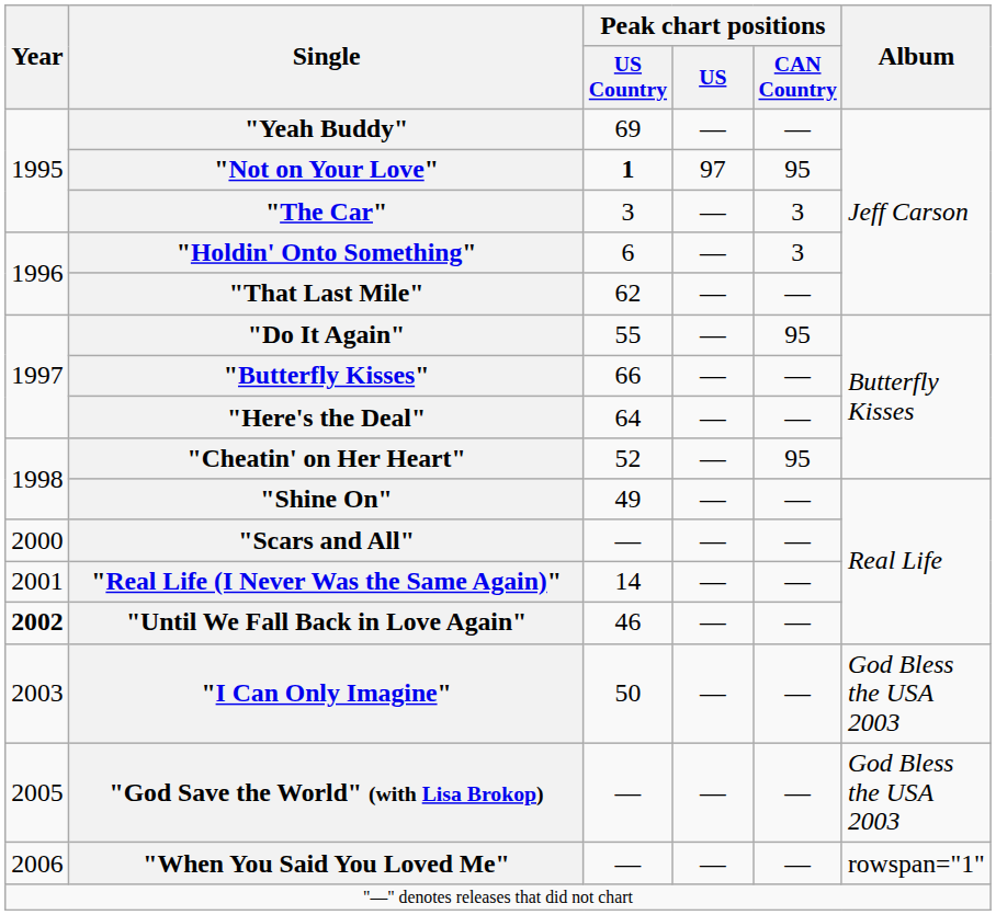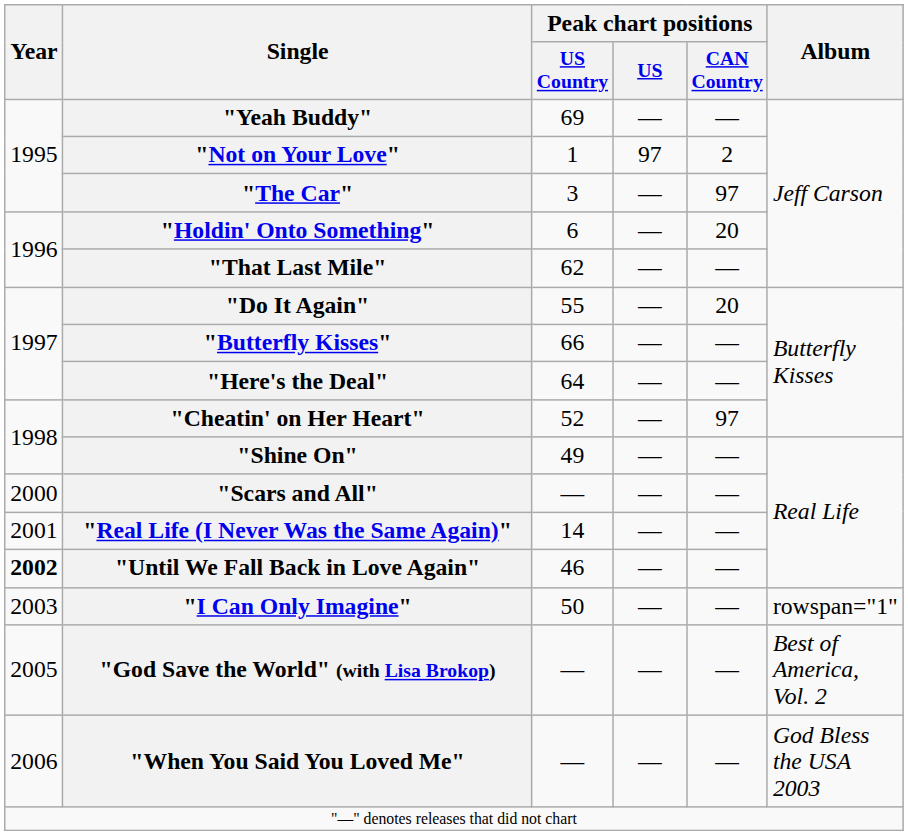 <table class="wikitable plainrowheaders" style="text-align:center;">
 <tr>
 <th rowspan="2">Year</th>
 <th rowspan="2" style="width:20em;">Single</th>
 <th colspan="3">Peak chart positions</th>
 <th rowspan="2">Album</th>
 </tr>
 <tr style="font-size:smaller;">
 <th width="45"><a href='#'>US Country</a></th>
 <th width="45"><a href='#'>US</a></th>
 <th width="45"><a href='#'>CAN Country</a></th>
 </tr>
 <tr>
 <td rowspan="3">1995</td>
 <th scope="row">"Yeah Buddy"</th>
 <td>69</td>
 <td>—</td>
 <td>—</td>
 <td align="left" rowspan="5"><em>Jeff Carson</em></td>
 </tr>
 <tr>
 <th scope="row">"<a href='#'>Not on Your Love</a>"</th>
-<td><strong>1</strong></td>
+<td>1</td>
 <td>97</td>
-<td>95</td>
+<td>2</td>
 </tr>
 <tr>
 <th scope="row">"<a href='#'>The Car</a>"</th>
 <td>3</td>
 <td>—</td>
-<td>3</td>
+<td>97</td>
 </tr>
 <tr>
 <td rowspan="2">1996</td>
 <th scope="row">"<a href='#'>Holdin' Onto Something</a>"</th>
 <td>6</td>
 <td>—</td>
-<td>3</td>
+<td>20</td>
 </tr>
 <tr>
 <th scope="row">"That Last Mile"</th>
 <td>62</td>
 <td>—</td>
 <td>—</td>
 </tr>
 <tr>
 <td rowspan="3">1997</td>
 <th scope="row">"Do It Again"</th>
 <td>55</td>
 <td>—</td>
-<td>95</td>
+<td>20</td>
 <td align="left" rowspan="4"><em>Butterfly Kisses</em></td>
 </tr>
 <tr>
 <th scope="row">"<a href='#'>Butterfly Kisses</a>"</th>
 <td>66</td>
 <td>—</td>
 <td>—</td>
 </tr>
 <tr>
 <th scope="row">"Here's the Deal"</th>
 <td>64</td>
 <td>—</td>
 <td>—</td>
 </tr>
 <tr>
 <td rowspan="2">1998</td>
 <th scope="row">"Cheatin' on Her Heart"</th>
 <td>52</td>
 <td>—</td>
-<td>95</td>
+<td>97</td>
 </tr>
 <tr>
 <th scope="row">"Shine On"</th>
 <td>49</td>
 <td>—</td>
 <td>—</td>
 <td align="left" rowspan=4><em>Real Life</em></td>
 </tr>
 <tr>
 <td>2000</td>
 <th scope="row">"Scars and All"</th>
 <td>—</td>
 <td>—</td>
 <td>—</td>
 </tr>
 <tr>
 <td>2001</td>
 <th scope="row">"<a href='#'>Real Life (I Never Was the Same Again)</a>"</th>
 <td>14</td>
 <td>—</td>
 <td>—</td>
 </tr>
 <tr>
 <td><strong>2002</strong></td>
 <th scope="row">"Until We Fall Back in Love Again"</th>
 <td>46</td>
 <td>—</td>
 <td>—</td>
 </tr>
 <tr>
 <td>2003</td>
 <th scope="row">"<a href='#'>I Can Only Imagine</a>"</th>
 <td>50</td>
 <td>—</td>
 <td>—</td>
-<td align="left"><em>God Bless the USA 2003</em></td>
+<td>rowspan="1" </td>
 </tr>
 <tr>
 <td>2005</td>
 <th scope="row">"God Save the World" <small>(with <a href='#'>Lisa Brokop</a>)</small></th>
 <td>—</td>
 <td>—</td>
 <td>—</td>
-<td align="left"><em>God Bless the USA 2003</em></td>
+<td align="left"><em>Best of America, Vol. 2</em></td>
 </tr>
 <tr>
 <td>2006</td>
 <th scope="row">"When You Said You Loved Me"</th>
 <td>—</td>
 <td>—</td>
 <td>—</td>
-<td>rowspan="1" </td>
+<td align="left"><em>God Bless the USA 2003</em></td>
 </tr>
 <tr>
 <td colspan="6" style="font-size:8pt">"—" denotes releases that did not chart</td>
 </tr>
 <tr>
 </tr>
 </table>
